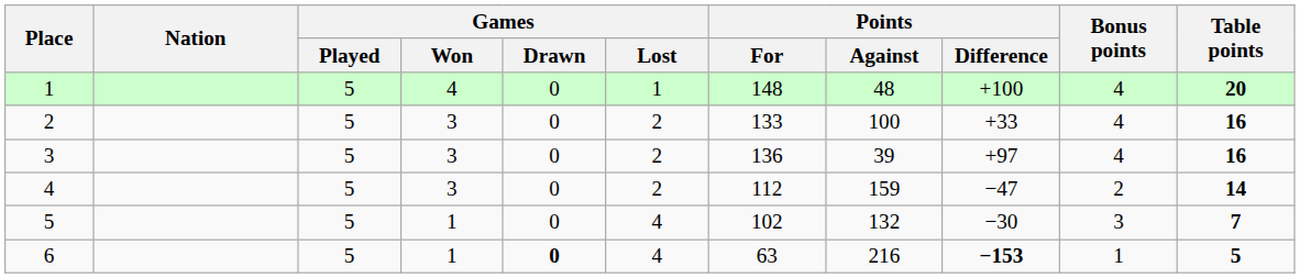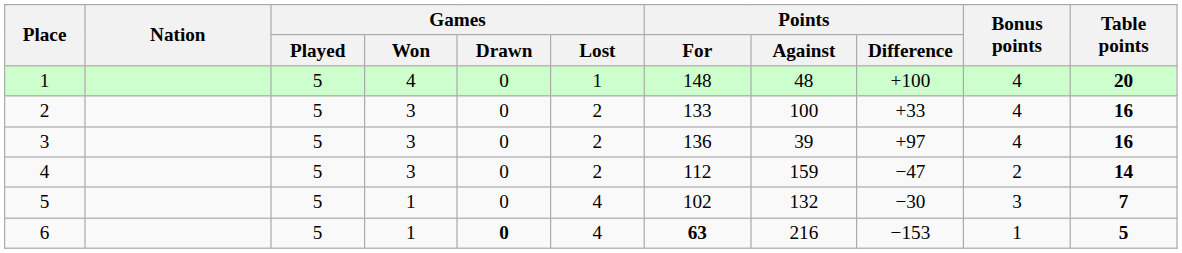 <table class="wikitable" style="text-align:center">
 <tr>
 <th rowspan=2 width="6%">Place</th>
 <th rowspan=2 width="14%">Nation</th>
 <th colspan=4 width="28%">Games</th>
 <th colspan=3 width="24%">Points</th>
 <th rowspan=2 width="8%">Bonus<br>points</th>
 <th rowspan=2 width="8%">Table<br>points</th>
 </tr>
 <tr>
 <th width="7%">Played</th>
 <th width="7%">Won</th>
 <th width="7%">Drawn</th>
 <th width="7%">Lost</th>
 <th width="8%">For</th>
 <th width="8%">Against</th>
 <th width="8%">Difference</th>
 </tr>
 <tr bgcolor="#ccffcc">
 <td>1</td>
 <td align=left></td>
 <td>5</td>
 <td>4</td>
 <td>0</td>
 <td>1</td>
 <td>148</td>
 <td>48</td>
 <td>+100</td>
 <td>4</td>
 <td><strong>20</strong></td>
 </tr>
 <tr>
 <td>2</td>
 <td align=left></td>
 <td>5</td>
 <td>3</td>
 <td>0</td>
 <td>2</td>
 <td>133</td>
 <td>100</td>
 <td>+33</td>
 <td>4</td>
 <td><strong>16</strong></td>
 </tr>
 <tr>
 <td>3</td>
 <td align=left></td>
 <td>5</td>
 <td>3</td>
 <td>0</td>
 <td>2</td>
 <td>136</td>
 <td>39</td>
 <td>+97</td>
 <td>4</td>
 <td><strong>16</strong></td>
 </tr>
 <tr>
 <td>4</td>
 <td align=left></td>
 <td>5</td>
 <td>3</td>
 <td>0</td>
 <td>2</td>
 <td>112</td>
 <td>159</td>
 <td>−47</td>
 <td>2</td>
 <td><strong>14</strong></td>
 </tr>
 <tr>
 <td>5</td>
 <td align=left></td>
 <td>5</td>
 <td>1</td>
 <td>0</td>
 <td>4</td>
 <td>102</td>
 <td>132</td>
 <td>−30</td>
 <td>3</td>
 <td><strong>7</strong></td>
 </tr>
 <tr>
 <td>6</td>
 <td align=left></td>
 <td>5</td>
 <td>1</td>
 <td><strong>0</strong></td>
 <td>4</td>
-<td>63</td>
+<td><strong>63</strong></td>
 <td>216</td>
-<td><strong>−153</strong></td>
+<td>−153</td>
 <td>1</td>
 <td><strong>5</strong></td>
 </tr>
 </table>
